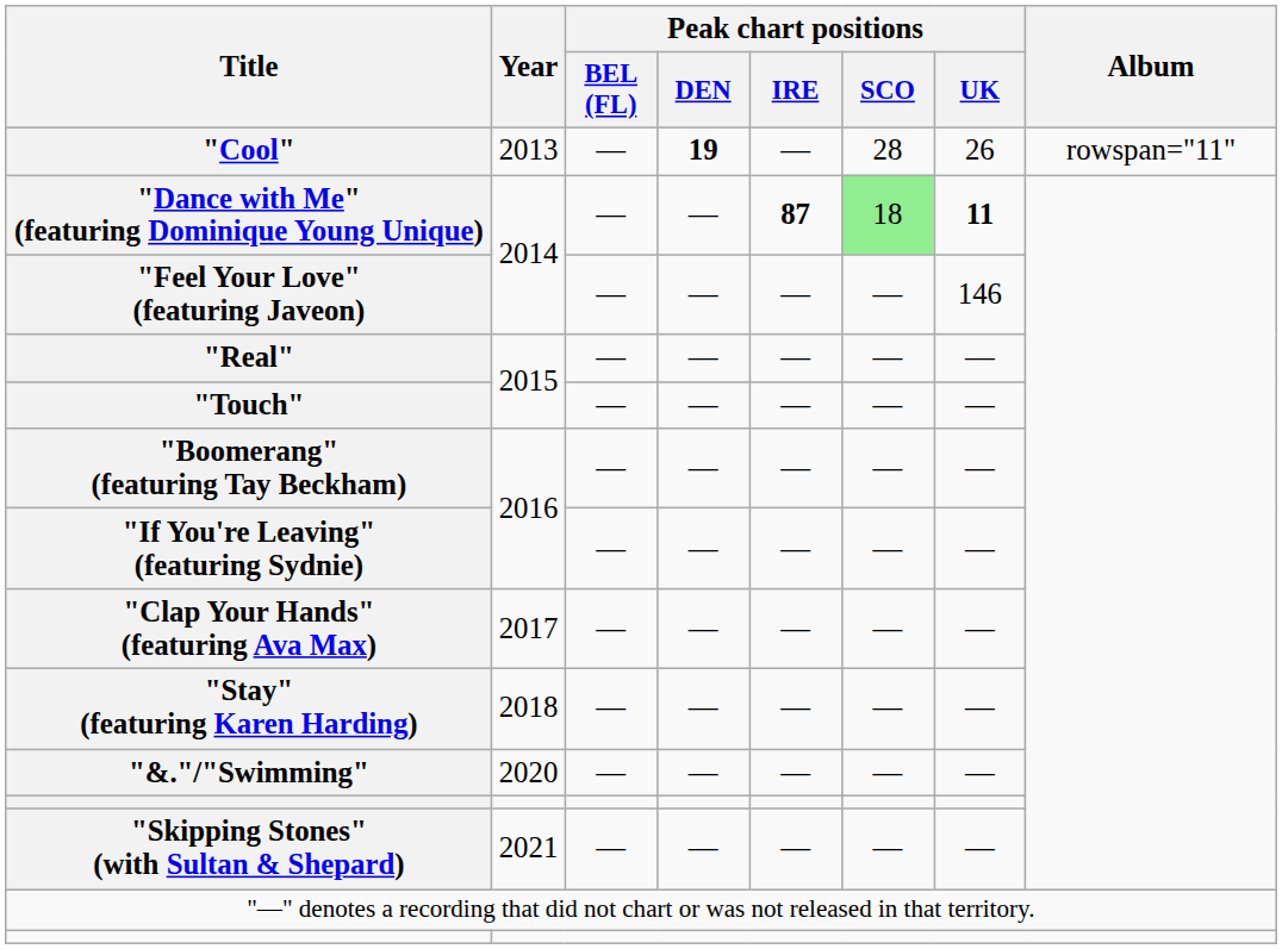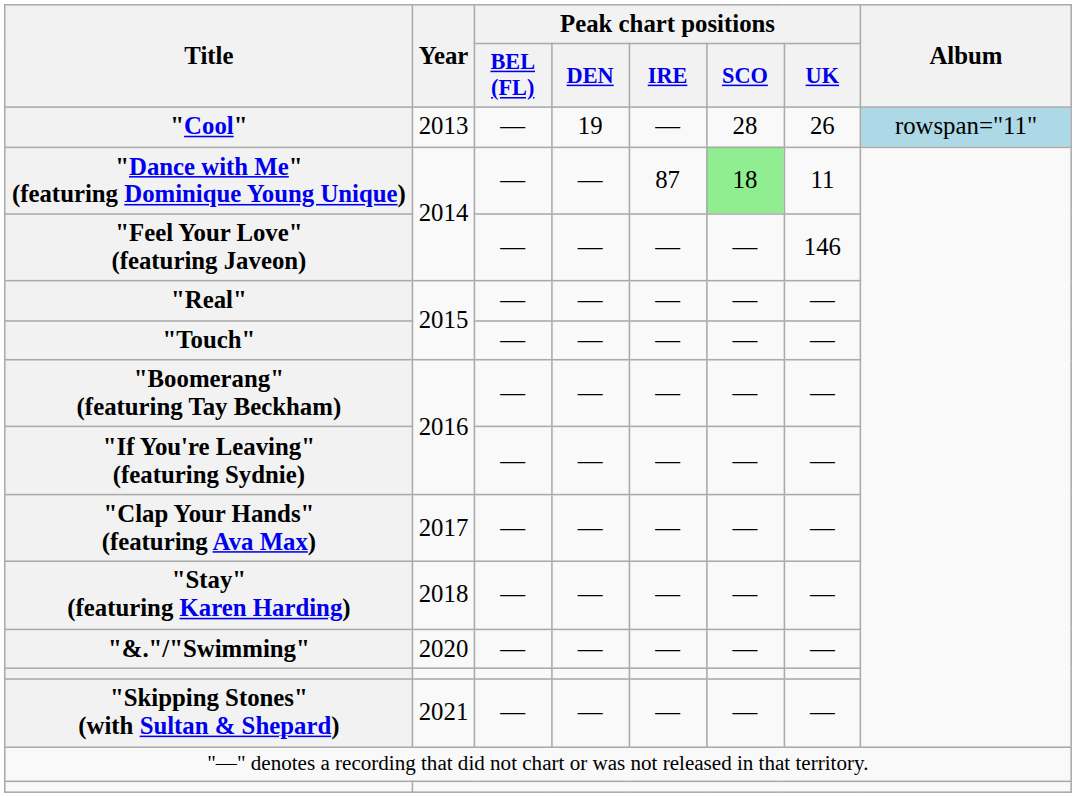 <table class="wikitable plainrowheaders" style="text-align:center;">
 <tr>
 <th scope="col" rowspan="2" style="width:16em;">Title</th>
 <th scope="col" rowspan="2" style="width:1em;">Year</th>
 <th scope="col" colspan="5">Peak chart positions</th>
 <th scope="col" rowspan="2" style="width:8em;">Album</th>
 </tr>
 <tr>
 <th scope="col" style="width:3em;font-size:90%;"><a href='#'>BEL<br>(FL)</a><br></th>
 <th scope="col" style="width:3em;font-size:90%;"><a href='#'>DEN</a><br></th>
 <th scope="col" style="width:3em;font-size:90%;"><a href='#'>IRE</a><br></th>
 <th scope="col" style="width:3em;font-size:90%;"><a href='#'>SCO</a><br></th>
 <th scope="col" style="width:3em;font-size:90%;"><a href='#'>UK</a><br></th>
 </tr>
 <tr>
 <th scope="row">"<a href='#'>Cool</a>"</th>
 <td>2013</td>
 <td>—</td>
-<td><strong>19</strong></td>
+<td>19</td>
 <td>—</td>
 <td>28</td>
 <td>26</td>
-<td>rowspan="11" </td>
+<td style="background: lightblue;">rowspan="11" </td>
 </tr>
 <tr>
 <th scope="row">"<a href='#'>Dance with Me</a>"<br><span>(featuring <a href='#'>Dominique Young Unique</a>)</span></th>
 <td rowspan="2">2014</td>
 <td>—</td>
 <td>—</td>
-<td><strong>87</strong></td>
+<td>87</td>
 <td style="background: lightgreen;">18</td>
-<td><strong>11</strong></td>
+<td>11</td>
 </tr>
 <tr>
 <th scope="row">"Feel Your Love"<br><span>(featuring Javeon)</span></th>
 <td>—</td>
 <td>—</td>
 <td>—</td>
 <td>—</td>
 <td>146</td>
 </tr>
 <tr>
 <th scope="row">"Real"</th>
 <td rowspan="2">2015</td>
 <td>—</td>
 <td>—</td>
 <td>—</td>
 <td>—</td>
 <td>—</td>
 </tr>
 <tr>
 <th scope="row">"Touch"</th>
 <td>—</td>
 <td>—</td>
 <td>—</td>
 <td>—</td>
 <td>—</td>
 </tr>
 <tr>
 <th scope="row">"Boomerang"<br><span>(featuring Tay Beckham)</span></th>
 <td rowspan="2">2016</td>
 <td>—</td>
 <td>—</td>
 <td>—</td>
 <td>—</td>
 <td>—</td>
 </tr>
 <tr>
 <th scope="row">"If You're Leaving"<br><span>(featuring Sydnie)</span></th>
 <td>—</td>
 <td>—</td>
 <td>—</td>
 <td>—</td>
 <td>—</td>
 </tr>
 <tr>
 <th scope="row">"Clap Your Hands"<br><span>(featuring <a href='#'>Ava Max</a>)</span></th>
 <td>2017</td>
 <td>—</td>
 <td>—</td>
 <td>—</td>
 <td>—</td>
 <td>—</td>
 </tr>
 <tr>
 <th scope="row">"Stay" <br><span>(featuring <a href='#'>Karen Harding</a>)</span></th>
 <td>2018</td>
 <td>—</td>
 <td>—</td>
 <td>—</td>
 <td>—</td>
 <td>—</td>
 </tr>
 <tr>
 <th scope="row">"&."/"Swimming"</th>
 <td>2020</td>
 <td>—</td>
 <td>—</td>
 <td>—</td>
 <td>—</td>
 <td>—</td>
 </tr>
 <tr>
 <th></th>
 <td></td>
 <td></td>
 <td></td>
 <td></td>
 <td></td>
 <td></td>
 </tr>
 <tr>
 <th scope="row">"Skipping Stones" <br><span>(with <a href='#'>Sultan & Shepard</a>)</span></th>
 <td>2021</td>
 <td>—</td>
 <td>—</td>
 <td>—</td>
 <td>—</td>
 <td>—</td>
 </tr>
 <tr>
 <td colspan="8" style="font-size:85%">"—" denotes a recording that did not chart or was not released in that territory.</td>
 </tr>
 <tr>
 <td></td>
 </tr>
 </table>
